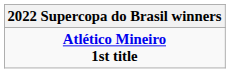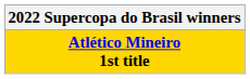 <table class="wikitable" style="text-align: center; margin: 0 auto;">
 <tr>
 <th>2022 Supercopa do Brasil winners</th>
 </tr>
 <tr>
-<td><strong><a href='#'>Atlético Mineiro</a></strong><br><strong>1st title</strong></td>
+<td style="background: gold;"><strong><a href='#'>Atlético Mineiro</a></strong><br><strong>1st title</strong></td>
 </tr>
 </table>
